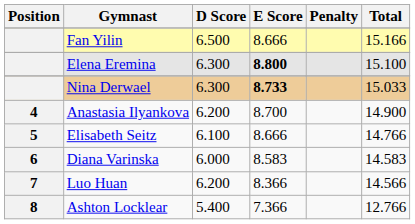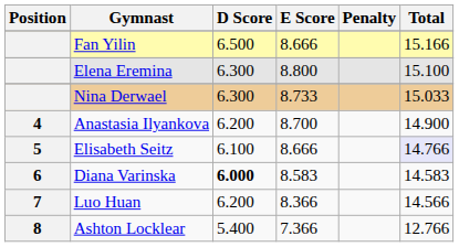 <table class="wikitable sortable">
 <tr>
 <th>Position</th>
 <th>Gymnast</th>
 <th>D Score</th>
 <th>E Score</th>
 <th>Penalty</th>
 <th>Total</th>
 </tr>
 <tr>
 </tr>
 <tr style="background:#fffcaf;">
 <th scope="row" style="text-align:center"></th>
 <td> <a href='#'>Fan Yilin</a></td>
 <td>6.500</td>
 <td>8.666</td>
 <td></td>
 <td>15.166</td>
 </tr>
 <tr>
 </tr>
 <tr style="background:#e5e5e5;">
 <th scope="row" style="text-align:center"></th>
 <td> <a href='#'>Elena Eremina</a></td>
 <td>6.300</td>
-<td><strong>8.800</strong></td>
+<td>8.800</td>
 <td></td>
 <td>15.100</td>
 </tr>
 <tr>
 </tr>
 <tr style="background:#ec9;">
 <th scope="row" style="text-align:center"></th>
 <td> <a href='#'>Nina Derwael</a></td>
 <td>6.300</td>
-<td><strong>8.733</strong></td>
+<td>8.733</td>
 <td></td>
 <td>15.033</td>
 </tr>
 <tr>
 <th>4</th>
 <td> <a href='#'>Anastasia Ilyankova</a></td>
 <td>6.200</td>
 <td>8.700</td>
 <td></td>
 <td>14.900</td>
 </tr>
 <tr>
 <th>5</th>
 <td> <a href='#'>Elisabeth Seitz</a></td>
 <td>6.100</td>
 <td>8.666</td>
 <td></td>
-<td>14.766</td>
+<td style="background: lavender;">14.766</td>
 </tr>
 <tr>
 <th>6</th>
 <td> <a href='#'>Diana Varinska</a></td>
-<td>6.000</td>
+<td><strong>6.000</strong></td>
 <td>8.583</td>
 <td></td>
 <td>14.583</td>
 </tr>
 <tr>
 <th>7</th>
 <td> <a href='#'>Luo Huan</a></td>
 <td>6.200</td>
 <td>8.366</td>
 <td></td>
 <td>14.566</td>
 </tr>
 <tr>
 <th>8</th>
 <td> <a href='#'>Ashton Locklear</a></td>
 <td>5.400</td>
 <td>7.366</td>
 <td></td>
 <td>12.766</td>
 </tr>
 </table>
